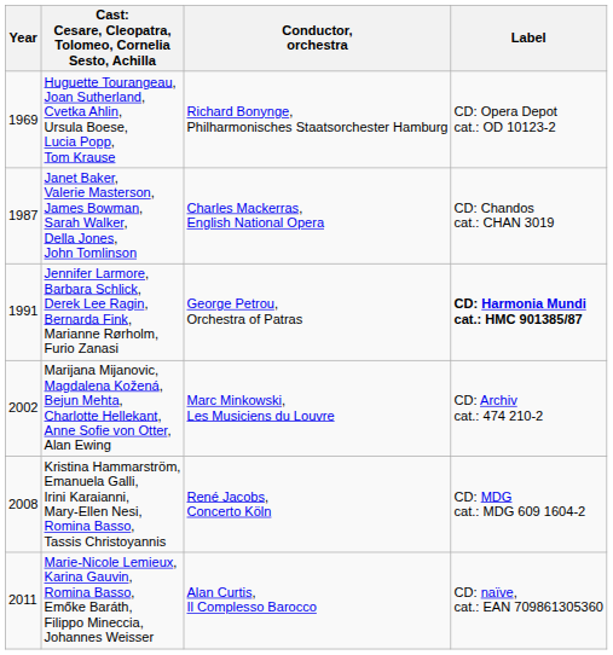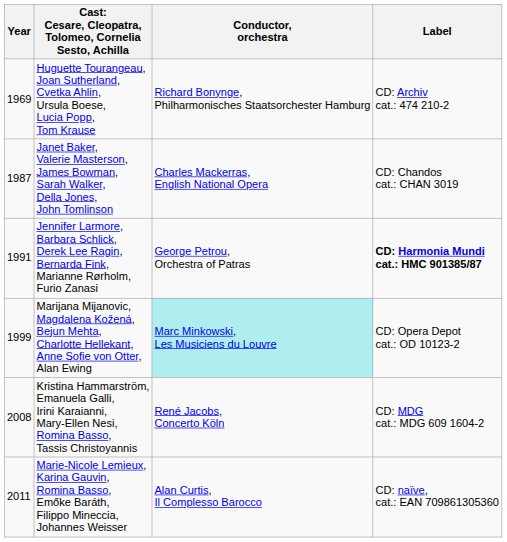 <table class="wikitable">
 <tr>
 <th>Year</th>
 <th>Cast:<br>Cesare, Cleopatra,<br>Tolomeo, Cornelia<br>Sesto, Achilla</th>
 <th>Conductor,<br>orchestra</th>
 <th>Label</th>
 </tr>
 <tr>
 <td>1969</td>
 <td><a href='#'>Huguette Tourangeau</a>,<br><a href='#'>Joan Sutherland</a>,<br><a href='#'>Cvetka Ahlin</a>, <br>Ursula Boese,<br><a href='#'>Lucia Popp</a>,<br> <a href='#'>Tom Krause</a></td>
 <td><a href='#'>Richard Bonynge</a>,<br>Philharmonisches Staatsorchester Hamburg</td>
-<td>CD: Opera Depot<br>cat.: OD 10123-2</td>
+<td>CD: <a href='#'>Archiv</a><br>cat.: 474 210-2</td>
 </tr>
 <tr>
 <td>1987</td>
 <td><a href='#'>Janet Baker</a>,<br><a href='#'>Valerie Masterson</a>,<br><a href='#'>James Bowman</a>,<br><a href='#'>Sarah Walker</a>,<br><a href='#'>Della Jones</a>,<br><a href='#'>John Tomlinson</a></td>
 <td><a href='#'>Charles Mackerras</a>,<br><a href='#'>English National Opera</a></td>
 <td>CD: Chandos<br>cat.: CHAN 3019</td>
 </tr>
 <tr>
 <td>1991</td>
 <td><a href='#'>Jennifer Larmore</a>,<br><a href='#'>Barbara Schlick</a>,<br><a href='#'>Derek Lee Ragin</a>,<br><a href='#'>Bernarda Fink</a>,<br>Marianne Rørholm,<br>Furio Zanasi</td>
 <td><a href='#'>George Petrou</a>,<br>Orchestra of Patras</td>
 <td><strong>CD: <a href='#'>Harmonia Mundi</a><br>cat.: HMC 901385/87</strong></td>
 </tr>
 <tr>
-<td>2002</td>
+<td>1999</td>
 <td>Marijana Mijanovic,<br><a href='#'>Magdalena Kožená</a>,<br><a href='#'>Bejun Mehta</a>,<br><a href='#'>Charlotte Hellekant</a>,<br><a href='#'>Anne Sofie von Otter</a>,<br>Alan Ewing</td>
-<td><a href='#'>Marc Minkowski</a>,<br><a href='#'>Les Musiciens du Louvre</a></td>
-<td>CD: <a href='#'>Archiv</a><br>cat.: 474 210-2</td>
+<td style="background: paleturquoise;"><a href='#'>Marc Minkowski</a>,<br><a href='#'>Les Musiciens du Louvre</a></td>
+<td>CD: Opera Depot<br>cat.: OD 10123-2</td>
 </tr>
 <tr>
 <td>2008</td>
 <td>Kristina Hammarström,<br>Emanuela Galli,<br>Irini Karaianni,<br>Mary-Ellen Nesi,<br><a href='#'>Romina Basso</a>,<br>Tassis Christoyannis</td>
 <td><a href='#'>René Jacobs</a>,<br><a href='#'>Concerto Köln</a></td>
 <td>CD: <a href='#'>MDG</a><br>cat.: MDG 609 1604-2</td>
 </tr>
 <tr>
 <td>2011</td>
 <td><a href='#'>Marie-Nicole Lemieux</a>,<br><a href='#'>Karina Gauvin</a>,<br><a href='#'>Romina Basso</a>,<br>Emőke Baráth,<br>Filippo Mineccia,<br>Johannes Weisser</td>
 <td><a href='#'>Alan Curtis</a>,<br><a href='#'>Il Complesso Barocco</a></td>
 <td>CD: <a href='#'>naïve</a>,<br>cat.: EAN 709861305360</td>
 </tr>
 </table>
